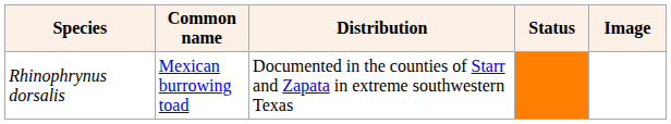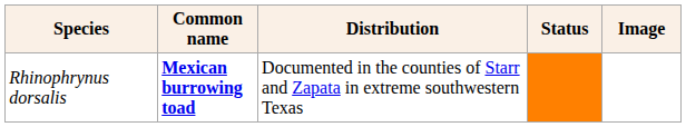 <table class="sortable wikitable plainrowheaders" border="0" style="background:#ffffff" align="top" class="sortable wikitable">
 <tr –>
 <th scope="col" style="background-color:Linen; color:Black" width=200 px>Species</th>
 <th scope="col" style="background-color:Linen; color:Black" width=100 px>Common name</th>
 <th scope="col" style="background:Linen; color:Black" width=500 px>Distribution</th>
 <th scope="col" style="background-color:Linen; color:Black" width=90 px>Status</th>
 <th scope="col" style="background:Linen; color:Black" width=100 px>Image</th>
 </tr>
 <tr>
 <td !scope="row" style="background:#ffffff"><em>Rhinophrynus dorsalis</em></td>
-<td><a href='#'>Mexican burrowing toad</a></td>
+<td><strong><a href='#'>Mexican burrowing toad</a></strong></td>
 <td>Documented in the counties of <a href='#'>Starr</a> and <a href='#'>Zapata</a> in extreme southwestern Texas</td>
 <td style="background: #FF8000; text-align:center;"></td>
 <td></td>
 </tr>
 <tr>
 </tr>
 </table>
